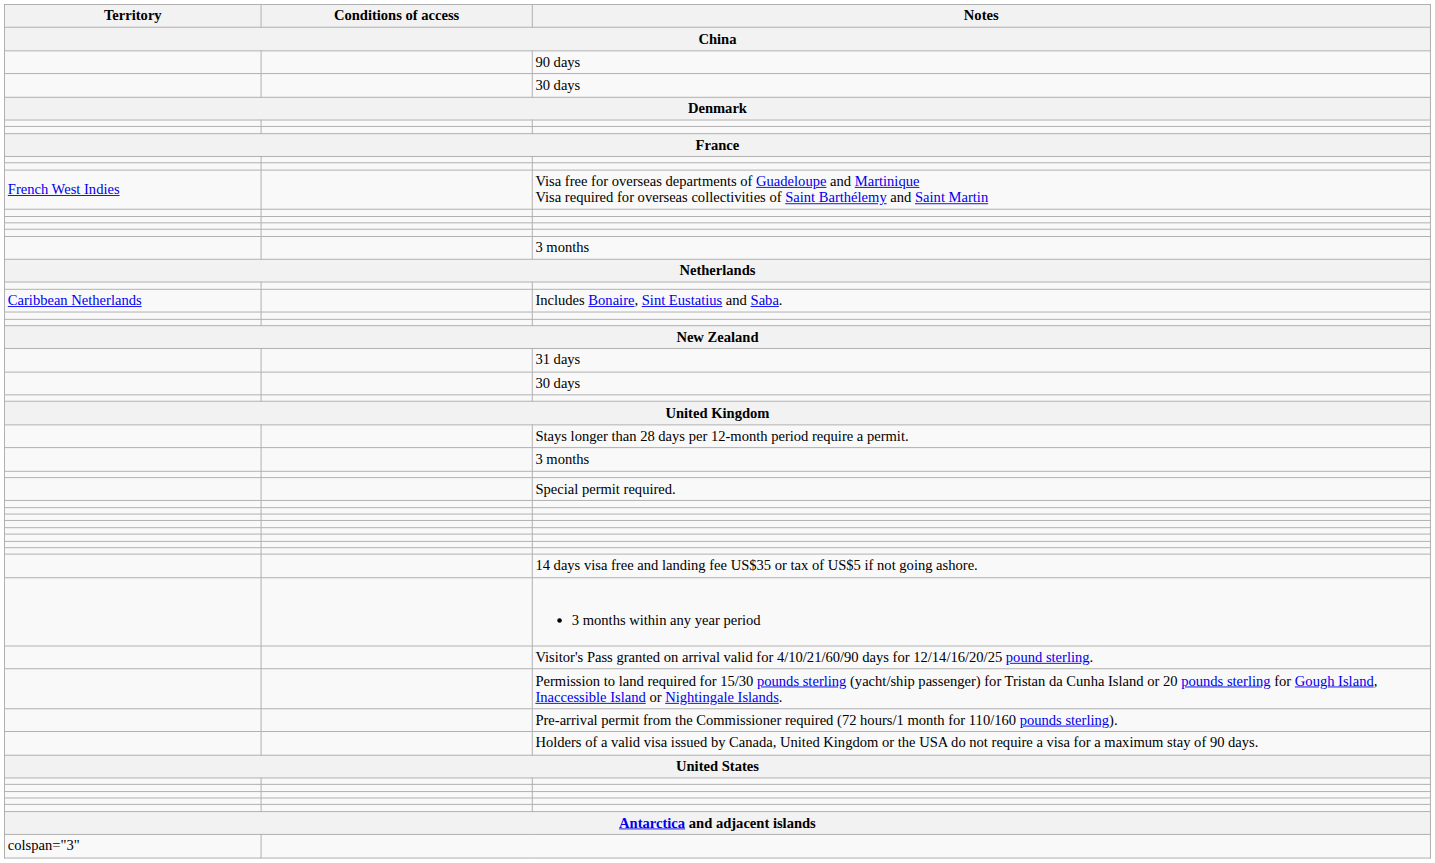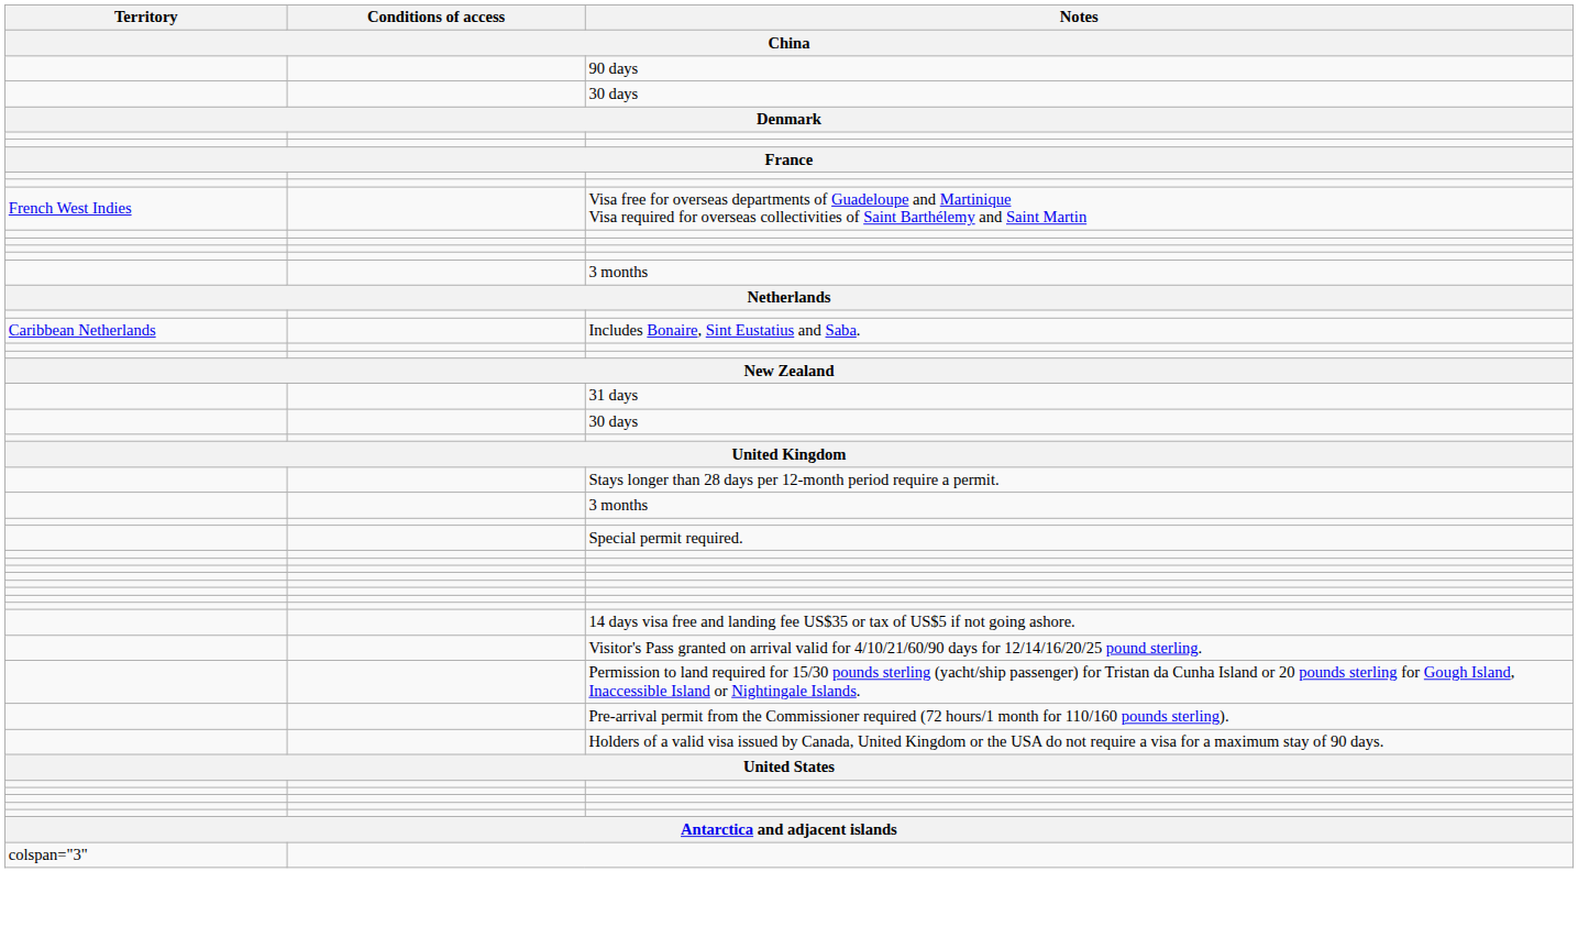 <table class="wikitable" style="text-align: left; table-layout: fixed;">
 <tr>
 <th width="18%">Territory</th>
 <th width="19%">Conditions of access</th>
 <th>Notes</th>
 </tr>
 <tr>
 <th colspan="3">China</th>
 </tr>
 <tr>
 <td></td>
 <td></td>
 <td>90 days</td>
 </tr>
 <tr>
 <td></td>
 <td></td>
 <td>30 days</td>
 </tr>
 <tr>
 <th colspan="3">Denmark</th>
 </tr>
 <tr>
 <td></td>
 <td></td>
 <td></td>
 </tr>
 <tr>
 <td></td>
 <td></td>
 <td></td>
 </tr>
 <tr>
 <th colspan="3">France</th>
 </tr>
 <tr>
 <td></td>
 <td></td>
 <td></td>
 </tr>
 <tr>
 <td></td>
 <td></td>
 <td></td>
 </tr>
 <tr>
 <td> <a href='#'>French West Indies</a></td>
 <td></td>
 <td>Visa free for overseas departments of <a href='#'>Guadeloupe</a> and <a href='#'>Martinique</a><br> Visa required for overseas collectivities of <a href='#'>Saint Barthélemy</a> and <a href='#'>Saint Martin</a></td>
 </tr>
 <tr>
 <td></td>
 <td></td>
 <td></td>
 </tr>
 <tr>
 <td></td>
 <td></td>
 <td></td>
 </tr>
 <tr>
 <td></td>
 <td></td>
 <td></td>
 </tr>
 <tr>
 <td></td>
 <td></td>
 <td></td>
 </tr>
 <tr>
 <td></td>
 <td></td>
 <td>3 months</td>
 </tr>
 <tr>
 <th colspan="3">Netherlands</th>
 </tr>
 <tr>
 <td></td>
 <td></td>
 <td></td>
 </tr>
 <tr>
 <td> <a href='#'>Caribbean Netherlands</a></td>
 <td></td>
 <td>Includes <a href='#'>Bonaire</a>, <a href='#'>Sint Eustatius</a> and <a href='#'>Saba</a>.</td>
 </tr>
 <tr>
 <td></td>
 <td></td>
 <td></td>
 </tr>
 <tr>
 <td></td>
 <td></td>
 <td></td>
 </tr>
 <tr>
 <th colspan="3">New Zealand</th>
 </tr>
 <tr>
 <td></td>
 <td></td>
 <td>31 days</td>
 </tr>
 <tr>
 <td></td>
 <td></td>
 <td>30 days</td>
 </tr>
 <tr>
 <td></td>
 <td></td>
 <td></td>
 </tr>
 <tr>
 <th colspan="3">United Kingdom</th>
 </tr>
 <tr>
 <td></td>
 <td></td>
 <td>Stays longer than 28 days per 12-month period require a permit.</td>
 </tr>
 <tr>
 <td></td>
 <td></td>
 <td>3 months</td>
 </tr>
 <tr>
 <td></td>
 <td></td>
 <td></td>
 </tr>
 <tr>
 <td></td>
 <td></td>
 <td>Special permit required.</td>
 </tr>
 <tr>
 <td></td>
 <td></td>
 <td></td>
 </tr>
 <tr>
 <td></td>
 <td></td>
 <td></td>
 </tr>
 <tr>
 <td></td>
 <td></td>
 <td></td>
 </tr>
 <tr>
 <td></td>
 <td></td>
 <td></td>
 </tr>
 <tr>
 <td></td>
 <td></td>
 <td></td>
 </tr>
 <tr>
 <td></td>
 <td></td>
 <td></td>
 </tr>
 <tr>
 <td></td>
 <td></td>
 <td></td>
 </tr>
 <tr>
 <td></td>
 <td></td>
 <td></td>
 </tr>
 <tr>
 <td></td>
 <td></td>
 <td>14 days visa free and landing fee US$35 or tax of US$5 if not going ashore.</td>
 </tr>
 <tr>
 <td></td>
 <td></td>
-<td><br><ul><li>3 months within any year period</li></ul></td>
-</tr>
-<tr>
-<td></td>
-<td></td>
 <td>Visitor's Pass granted on arrival valid for 4/10/21/60/90 days for 12/14/16/20/25 <a href='#'>pound sterling</a>.</td>
 </tr>
 <tr>
 <td></td>
 <td></td>
 <td>Permission to land required for 15/30 <a href='#'>pounds sterling</a> (yacht/ship passenger) for Tristan da Cunha Island or 20 <a href='#'>pounds sterling</a> for <a href='#'>Gough Island</a>, <a href='#'>Inaccessible Island</a> or <a href='#'>Nightingale Islands</a>.</td>
 </tr>
 <tr>
 <td></td>
 <td></td>
 <td>Pre-arrival permit from the Commissioner required (72 hours/1 month for 110/160 <a href='#'>pounds sterling</a>).</td>
 </tr>
 <tr>
 <td></td>
 <td></td>
 <td>Holders of a valid visa issued by Canada, United Kingdom or the USA do not require a visa for a maximum stay of 90 days.</td>
 </tr>
 <tr>
 <th colspan="3">United States</th>
 </tr>
 <tr>
 <td></td>
 <td></td>
 <td></td>
 </tr>
 <tr>
 <td></td>
 <td></td>
 <td></td>
 </tr>
 <tr>
 <td></td>
 <td></td>
 <td></td>
 </tr>
 <tr>
 <td></td>
 <td></td>
 <td></td>
 </tr>
 <tr>
 <td></td>
 <td></td>
 <td></td>
 </tr>
 <tr>
 <th colspan="3"><a href='#'>Antarctica</a> and adjacent islands</th>
 </tr>
 <tr>
 <td>colspan="3" </td>
 </tr>
 </table>
